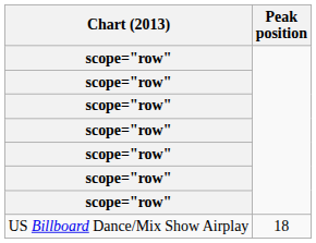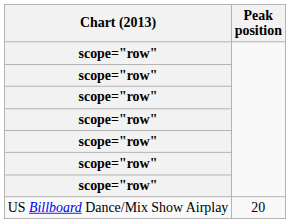 <table class="wikitable sortable plainrowheaders" style="text-align:center;">
 <tr>
 <th scope="col">Chart (2013)</th>
 <th scope="col">Peak<br>position</th>
 </tr>
 <tr>
 <th>scope="row" </th>
 </tr>
 <tr>
 <th>scope="row" </th>
 </tr>
 <tr>
 <th>scope="row" </th>
 </tr>
 <tr>
 <th>scope="row" </th>
 </tr>
 <tr>
 <th>scope="row" </th>
 </tr>
 <tr>
 <th>scope="row" </th>
 </tr>
 <tr>
 <th>scope="row" </th>
 </tr>
 <tr>
 <td>US <a href='#'><em>Billboard</em></a> Dance/Mix Show Airplay</td>
-<td>18</td>
+<td>20</td>
 </tr>
 </table>
